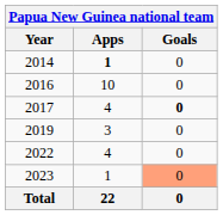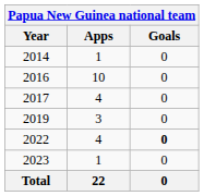 <table class="wikitable" style="text-align:center">
 <tr>
 <th colspan=3><a href='#'>Papua New Guinea national team</a></th>
 </tr>
 <tr>
 <th>Year</th>
 <th>Apps</th>
 <th>Goals</th>
 </tr>
 <tr>
 <td>2014</td>
-<td><strong>1</strong></td>
+<td>1</td>
 <td>0</td>
 </tr>
 <tr>
 <td>2016</td>
 <td>10</td>
 <td>0</td>
 </tr>
 <tr>
 <td>2017</td>
 <td>4</td>
-<td><strong>0</strong></td>
+<td>0</td>
 </tr>
 <tr>
 <td>2019</td>
 <td>3</td>
 <td>0</td>
 </tr>
 <tr>
 <td>2022</td>
 <td>4</td>
-<td>0</td>
+<td><strong>0</strong></td>
 </tr>
 <tr>
 <td>2023</td>
 <td>1</td>
-<td style="background: lightsalmon;">0</td>
+<td>0</td>
 </tr>
 <tr>
 <th>Total</th>
 <th>22</th>
 <th>0</th>
 </tr>
 </table>
